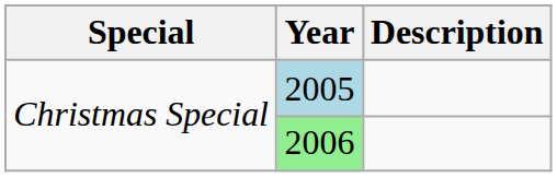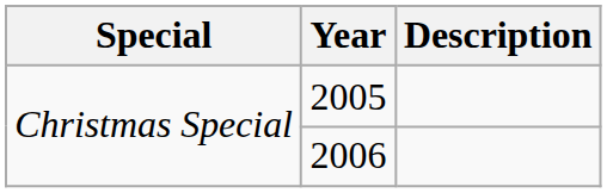 <table class="wikitable sortable">
 <tr>
 <th>Special</th>
 <th>Year</th>
 <th>Description</th>
 </tr>
 <tr>
 <td rowspan="2"><em>Christmas Special</em></td>
-<td style="background: lightblue;">2005</td>
+<td>2005</td>
 <td></td>
 </tr>
 <tr>
-<td style="background: lightgreen;">2006</td>
+<td>2006</td>
 <td></td>
 </tr>
 </table>
